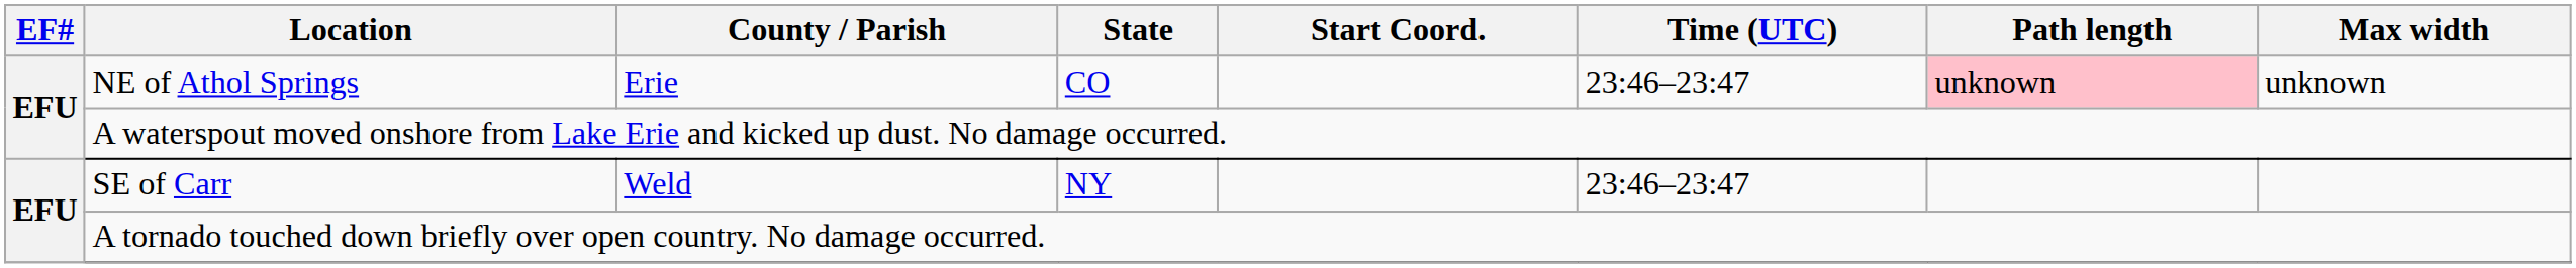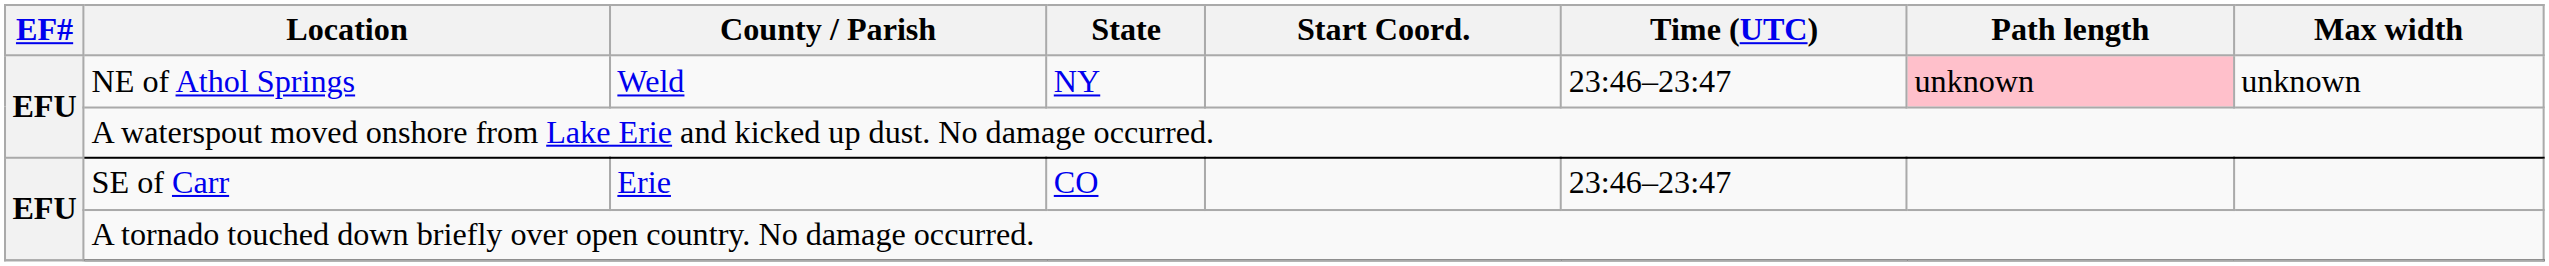 <table class="wikitable sortable" style="width:100%;">
 <tr>
 <th scope="col" width="2%" align="center"><a href='#'>EF#</a></th>
 <th scope="col" align="center" class="unsortable">Location</th>
 <th scope="col" align="center" class="unsortable">County / Parish</th>
 <th scope="col" align="center">State</th>
 <th scope="col" align="center">Start Coord.</th>
 <th scope="col" align="center">Time (<a href='#'>UTC</a>)</th>
 <th scope="col" align="center">Path length</th>
 <th scope="col" align="center">Max width</th>
 </tr>
 <tr>
 <th scope="row" rowspan="2" style="background-color:#">EFU</th>
 <td>NE of <a href='#'>Athol Springs</a></td>
-<td><a href='#'>Erie</a></td>
-<td><a href='#'>CO</a></td>
+<td><a href='#'>Weld</a></td>
+<td><a href='#'>NY</a></td>
 <td></td>
 <td>23:46–23:47</td>
 <td style="background: pink;">unknown</td>
 <td>unknown</td>
 </tr>
 <tr class="expand-child">
 <td colspan="8" style=" border-bottom: 1px solid black;">A waterspout moved onshore from <a href='#'>Lake Erie</a> and kicked up dust. No damage occurred.</td>
 </tr>
 <tr>
 <th scope="row" rowspan="2" style="background-color:#">EFU</th>
 <td>SE of <a href='#'>Carr</a></td>
-<td><a href='#'>Weld</a></td>
-<td><a href='#'>NY</a></td>
+<td><a href='#'>Erie</a></td>
+<td><a href='#'>CO</a></td>
 <td></td>
 <td>23:46–23:47</td>
 <td></td>
 <td></td>
 </tr>
 <tr class="expand-child">
 <td colspan="8" style=" border-bottom: 1px solid black;">A tornado touched down briefly over open country. No damage occurred.</td>
 </tr>
 <tr>
 </tr>
 </table>
